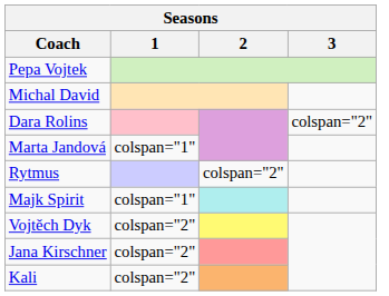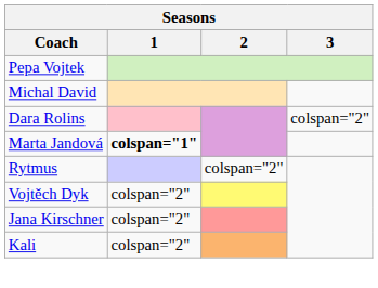 <table class="wikitable">
 <tr>
 <th colspan=4>Seasons</th>
 </tr>
 <tr>
 <th>Coach</th>
 <th width="40">1</th>
 <th width="40">2</th>
 <th width="40">3</th>
 </tr>
 <tr>
 <td><a href='#'>Pepa Vojtek</a></td>
 <td colspan="3" bgcolor="#d0f0c0"></td>
 </tr>
 <tr>
 <td><a href='#'>Michal David</a></td>
 <td colspan="2"  bgcolor="#ffe5b4"></td>
 <td></td>
 </tr>
 <tr>
 <td><a href='#'>Dara Rolins</a></td>
 <td colspan="1" bgcolor="pink"></td>
 <td rowspan="2" bgcolor="#dda0dd"></td>
 <td>colspan="2" </td>
 </tr>
 <tr>
 <td><a href='#'>Marta Jandová</a></td>
-<td>colspan="1" </td>
+<td><strong>colspan="1" </strong></td>
 <td></td>
 </tr>
 <tr>
 <td><a href='#'>Rytmus</a></td>
 <td colspan="1"  bgcolor="#ccf"></td>
 <td>colspan="2" </td>
-</tr>
-<tr>
-<td><a href='#'>Majk Spirit</a></td>
-<td>colspan="1" </td>
-<td colspan="1" bgcolor="#afeeee"></td>
-<td></td>
 </tr>
 <tr>
 <td><a href='#'>Vojtěch Dyk</a></td>
 <td>colspan="2" </td>
 <td bgcolor="#fffa73"></td>
 </tr>
 <tr>
 <td><a href='#'>Jana Kirschner</a></td>
 <td>colspan="2" </td>
 <td bgcolor="#ff9999"></td>
 </tr>
 <tr>
 <td><a href='#'>Kali</a></td>
 <td>colspan="2" </td>
 <td bgcolor="#fbb46e"></td>
 </tr>
 </table>
